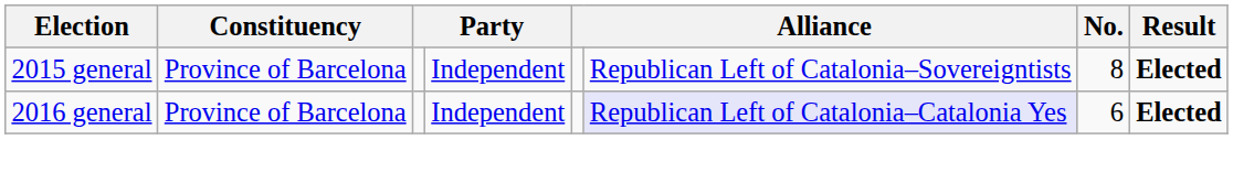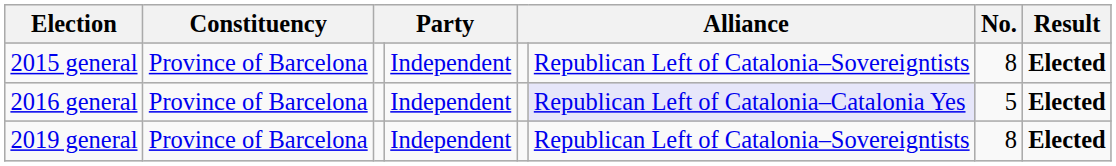 <table class="wikitable" style="text-align:left;">
 <tr>
 <th scope=col>Election</th>
 <th scope=col>Constituency</th>
 <th scope=col colspan="2">Party</th>
 <th scope=col colspan="2">Alliance</th>
 <th scope=col>No.</th>
 <th scope=col>Result</th>
 </tr>
 <tr>
 <td><a href='#'>2015 general</a></td>
 <td><a href='#'>Province of Barcelona</a></td>
 <td style="background:"></td>
 <td><a href='#'>Independent</a></td>
 <td style="background:"></td>
 <td><a href='#'>Republican Left of Catalonia–Sovereigntists</a></td>
 <td align=right>8</td>
 <td><strong>Elected</strong></td>
 </tr>
 <tr>
 <td><a href='#'>2016 general</a></td>
 <td><a href='#'>Province of Barcelona</a></td>
 <td style="background:"></td>
 <td><a href='#'>Independent</a></td>
 <td style="background:"></td>
 <td style="background: lavender;"><a href='#'>Republican Left of Catalonia–Catalonia Yes</a></td>
-<td align=right>6</td>
+<td align=right>5</td>
+<td><strong>Elected</strong></td>
+</tr>
+<tr>
+<td><a href='#'>2019 general</a></td>
+<td><a href='#'>Province of Barcelona</a></td>
+<td style="background:"></td>
+<td><a href='#'>Independent</a></td>
+<td style="background:"></td>
+<td><a href='#'>Republican Left of Catalonia–Sovereigntists</a></td>
+<td align=right>8</td>
 <td><strong>Elected</strong></td>
 </tr>
 </table>
